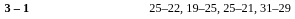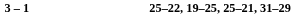 <table width=100% cellspacing=1>
 <tr>
 <th width=20%></th>
 <th width=12%></th>
 <th width=20%></th>
 <th width=33%></th>
 <td></td>
 </tr>
 <tr style=font-size:95%>
 <td align=right><strong></strong></td>
 <td align=center><strong>3 – 1</strong></td>
 <td></td>
-<td>25–22, 19–25, 25–21, 31–29</td>
+<td><strong>25–22, 19–25, 25–21, 31–29</strong></td>
 </tr>
 </table>
